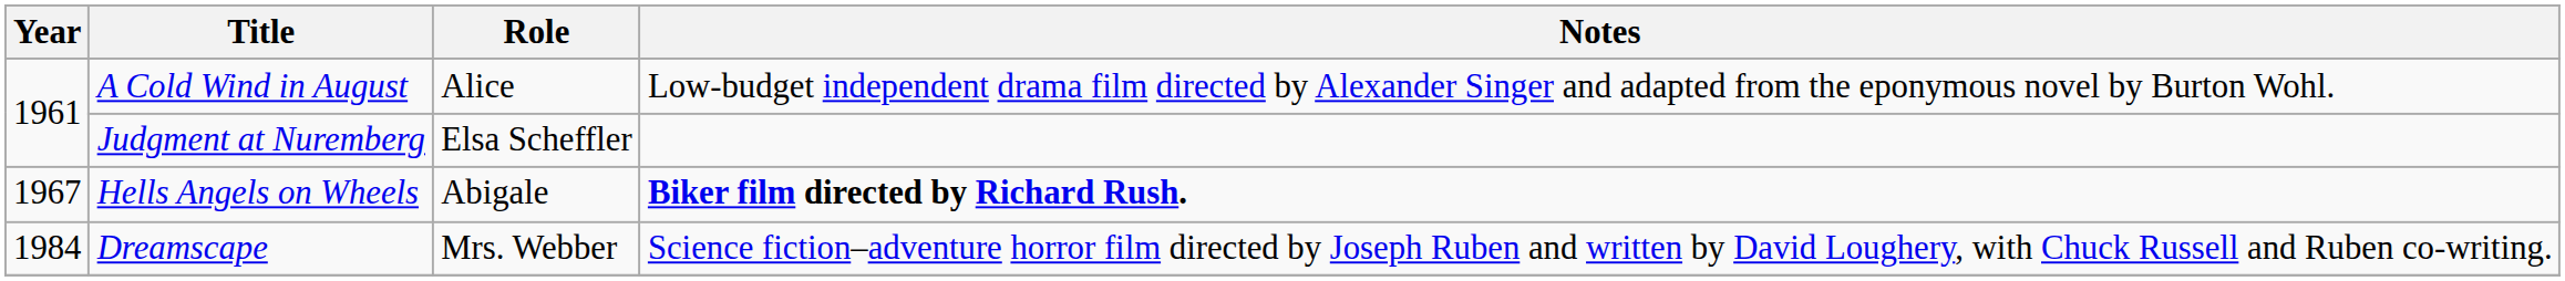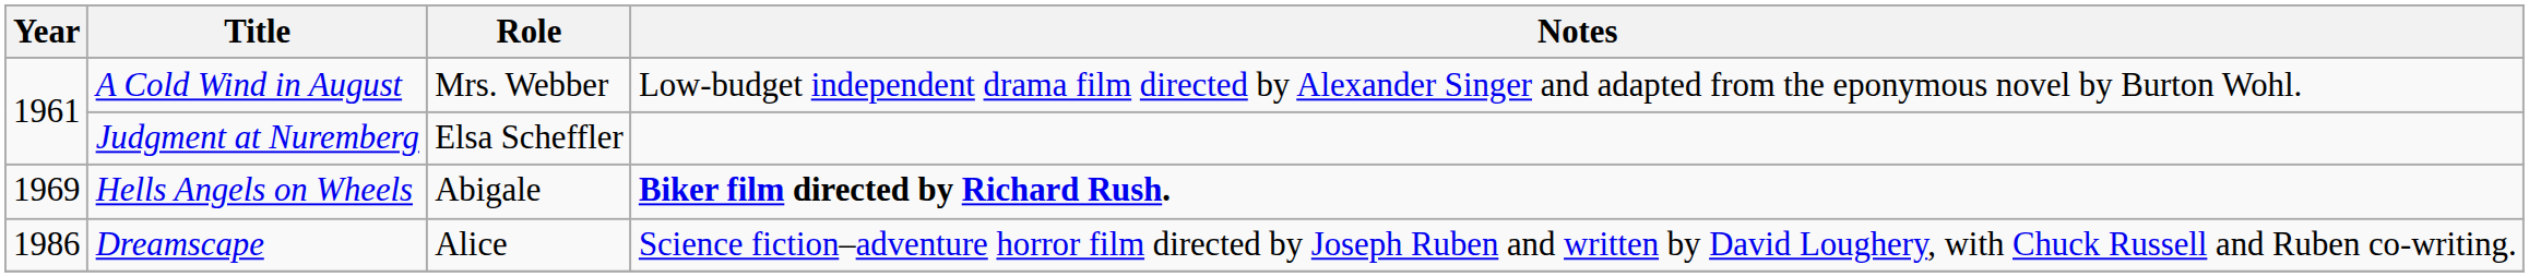 <table class="wikitable sortable">
 <tr>
 <th>Year</th>
 <th>Title</th>
 <th>Role</th>
 <th class="unsortable">Notes</th>
 </tr>
 <tr>
 <td rowspan="2'">1961</td>
 <td><em><a href='#'>A Cold Wind in August</a></em></td>
-<td>Alice</td>
+<td>Mrs. Webber</td>
 <td>Low-budget <a href='#'>independent</a> <a href='#'>drama film</a> <a href='#'>directed</a> by <a href='#'>Alexander Singer</a> and adapted from the eponymous novel by Burton Wohl.</td>
 </tr>
 <tr>
 <td><em><a href='#'>Judgment at Nuremberg</a></em></td>
 <td>Elsa Scheffler</td>
 <td></td>
 </tr>
 <tr>
-<td>1967</td>
+<td>1969</td>
 <td><em><a href='#'>Hells Angels on Wheels</a></em></td>
 <td>Abigale</td>
 <td><strong><a href='#'>Biker film</a> directed by <a href='#'>Richard Rush</a>.</strong></td>
 </tr>
 <tr>
-<td>1984</td>
+<td>1986</td>
 <td><em><a href='#'>Dreamscape</a></em></td>
-<td>Mrs. Webber</td>
+<td>Alice</td>
 <td><a href='#'>Science fiction</a>–<a href='#'>adventure</a> <a href='#'>horror film</a> directed by <a href='#'>Joseph Ruben</a> and <a href='#'>written</a> by <a href='#'>David Loughery</a>, with <a href='#'>Chuck Russell</a> and Ruben co-writing.</td>
 </tr>
 <tr>
 </tr>
 </table>
